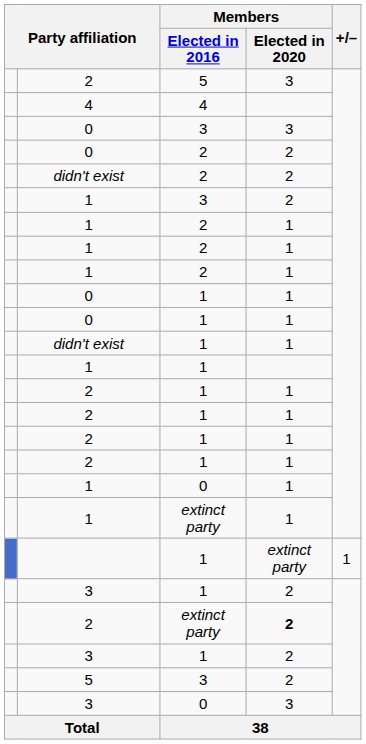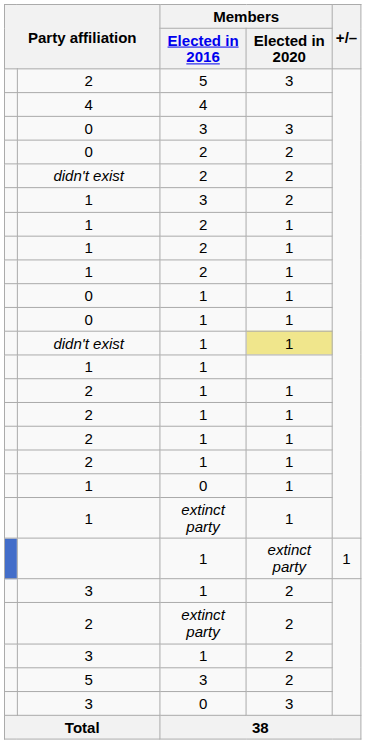 <table class="wikitable sortable" border="1" style="font-size: 95%; text-align: center;">
 <tr>
 <th colspan="2" rowspan="2" class="unsortable" style="text-align: center; vertical-align: middle; width: 150px;">Party affiliation</th>
 <th colspan="2" style="vertical-align: top;">Members</th>
 <th rowspan="2">+/–</th>
 </tr>
 <tr>
 <th data-sort-type="number" style="width: 80px;"><a href='#'>Elected in 2016</a></th>
 <th style="width: 80px;">Elected in 2020</th>
 </tr>
 <tr>
 <td></td>
 <td>2</td>
 <td>5</td>
 <td>3</td>
 </tr>
 <tr>
 <td></td>
 <td>4</td>
 <td>4</td>
 <td></td>
 </tr>
 <tr>
 <td></td>
 <td>0</td>
 <td>3</td>
 <td>3</td>
 </tr>
 <tr>
 <td></td>
 <td>0</td>
 <td>2</td>
 <td>2</td>
 </tr>
 <tr>
 <td></td>
 <td><em>didn't exist</em></td>
 <td>2</td>
 <td>2</td>
 </tr>
 <tr>
 <td></td>
 <td>1</td>
 <td>3</td>
 <td>2</td>
 </tr>
 <tr>
 <td></td>
 <td>1</td>
 <td>2</td>
 <td>1</td>
 </tr>
 <tr>
 <td></td>
 <td>1</td>
 <td>2</td>
 <td>1</td>
 </tr>
 <tr>
 <td></td>
 <td>1</td>
 <td>2</td>
 <td>1</td>
 </tr>
 <tr>
 <td></td>
 <td>0</td>
 <td>1</td>
 <td>1</td>
 </tr>
 <tr>
 <td></td>
 <td>0</td>
 <td>1</td>
 <td>1</td>
 </tr>
 <tr>
 <td></td>
 <td><em>didn't exist</em></td>
 <td>1</td>
-<td>1</td>
+<td style="background: khaki;">1</td>
 </tr>
 <tr>
 <td></td>
 <td>1</td>
 <td>1</td>
 <td></td>
 </tr>
 <tr>
 <td></td>
 <td>2</td>
 <td>1</td>
 <td>1</td>
 </tr>
 <tr>
 <td></td>
 <td>2</td>
 <td>1</td>
 <td>1</td>
 </tr>
 <tr>
 <td></td>
 <td>2</td>
 <td>1</td>
 <td>1</td>
 </tr>
 <tr>
 <td></td>
 <td>2</td>
 <td>1</td>
 <td>1</td>
 </tr>
 <tr>
 <td></td>
 <td>1</td>
 <td>0</td>
 <td>1</td>
 </tr>
 <tr>
 <td></td>
 <td>1</td>
 <td><em>extinct party</em></td>
 <td>1</td>
 </tr>
 <tr>
 <td style="background:#426dc9;"></td>
 <td></td>
 <td>1</td>
 <td><em>extinct party</em></td>
 <td>1</td>
 </tr>
 <tr>
 <td></td>
 <td>3</td>
 <td>1</td>
 <td>2</td>
 </tr>
 <tr>
 <td></td>
 <td>2</td>
 <td><em>extinct party</em></td>
-<td><strong>2</strong></td>
+<td>2</td>
 </tr>
 <tr>
 <td></td>
 <td>3</td>
 <td>1</td>
 <td>2</td>
 </tr>
 <tr>
 <td></td>
 <td>5</td>
 <td>3</td>
 <td>2</td>
 </tr>
 <tr>
 <td></td>
 <td>3</td>
 <td>0</td>
 <td>3</td>
 </tr>
 <tr>
 <th colspan="2">Total</th>
 <th colspan="3">38</th>
 </tr>
 </table>
